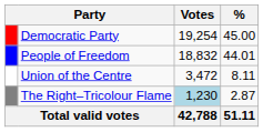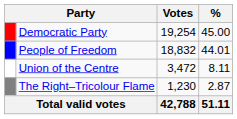 <table class="wikitable">
 <tr>
 <th colspan="2" style="width: 130px">Party</th>
 <th style="width: 50px">Votes</th>
 <th style="width: 40px">%</th>
 </tr>
 <tr>
 <td style="background-color:red">  </td>
 <td style="text-align: left"><a href='#'>Democratic Party</a></td>
 <td style="text-align: right">19,254</td>
 <td style="text-align: right">45.00</td>
 </tr>
 <tr>
 <td style="background-color:blue">  </td>
 <td style="text-align: left"><a href='#'>People of Freedom</a></td>
 <td style="text-align: right">18,832</td>
 <td style="text-align: right">44.01</td>
 </tr>
 <tr>
 <td style="background-color:white">  </td>
 <td style="text-align: left"><a href='#'>Union of the Centre</a></td>
 <td align="right">3,472</td>
 <td align="right">8.11</td>
 </tr>
 <tr>
 <td style="background-color:grey">  </td>
 <td style="text-align: left"><a href='#'>The Right–Tricolour Flame</a></td>
-<td align="right" style="background: lightblue;">1,230</td>
+<td align="right">1,230</td>
 <td align="right">2.87</td>
 </tr>
 <tr bgcolor="white">
 <th align="right" colspan=2>Total valid votes</th>
 <th align="right">42,788</th>
 <th align="right">51.11</th>
 </tr>
 </table>
